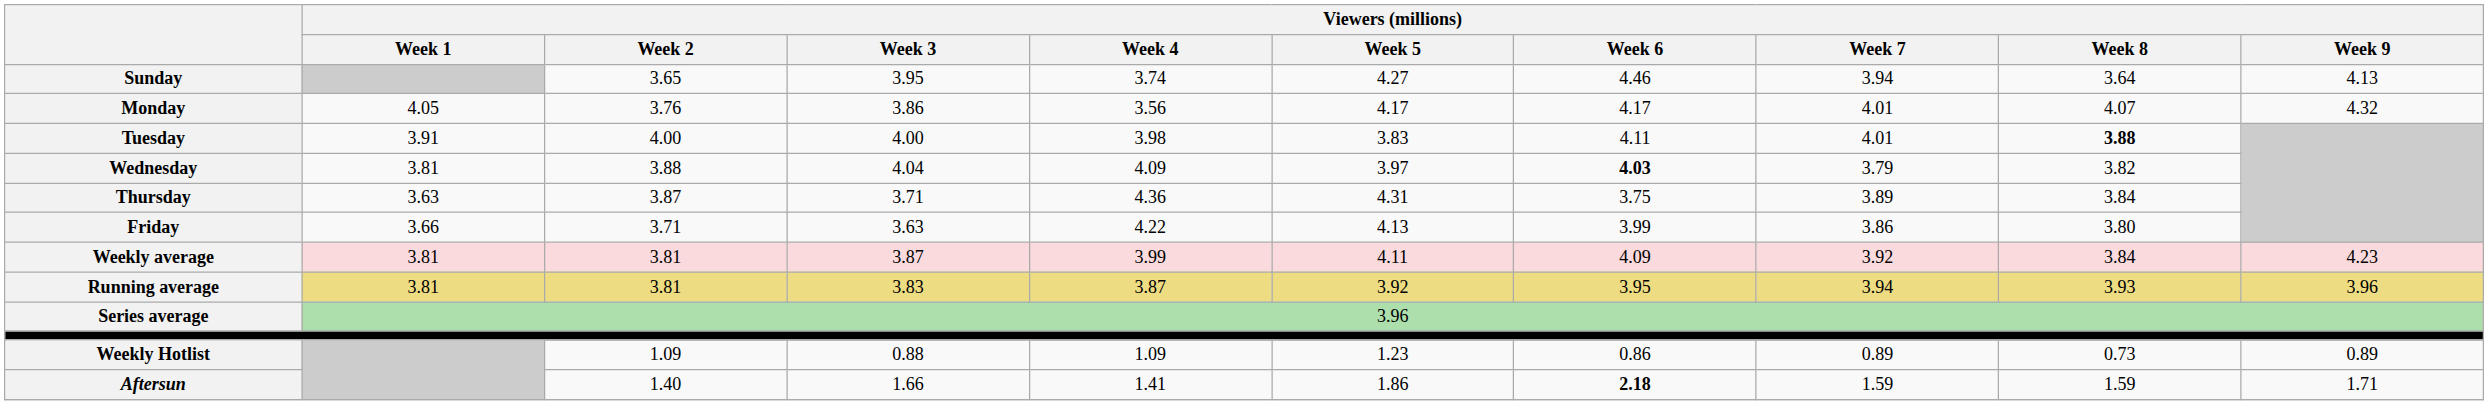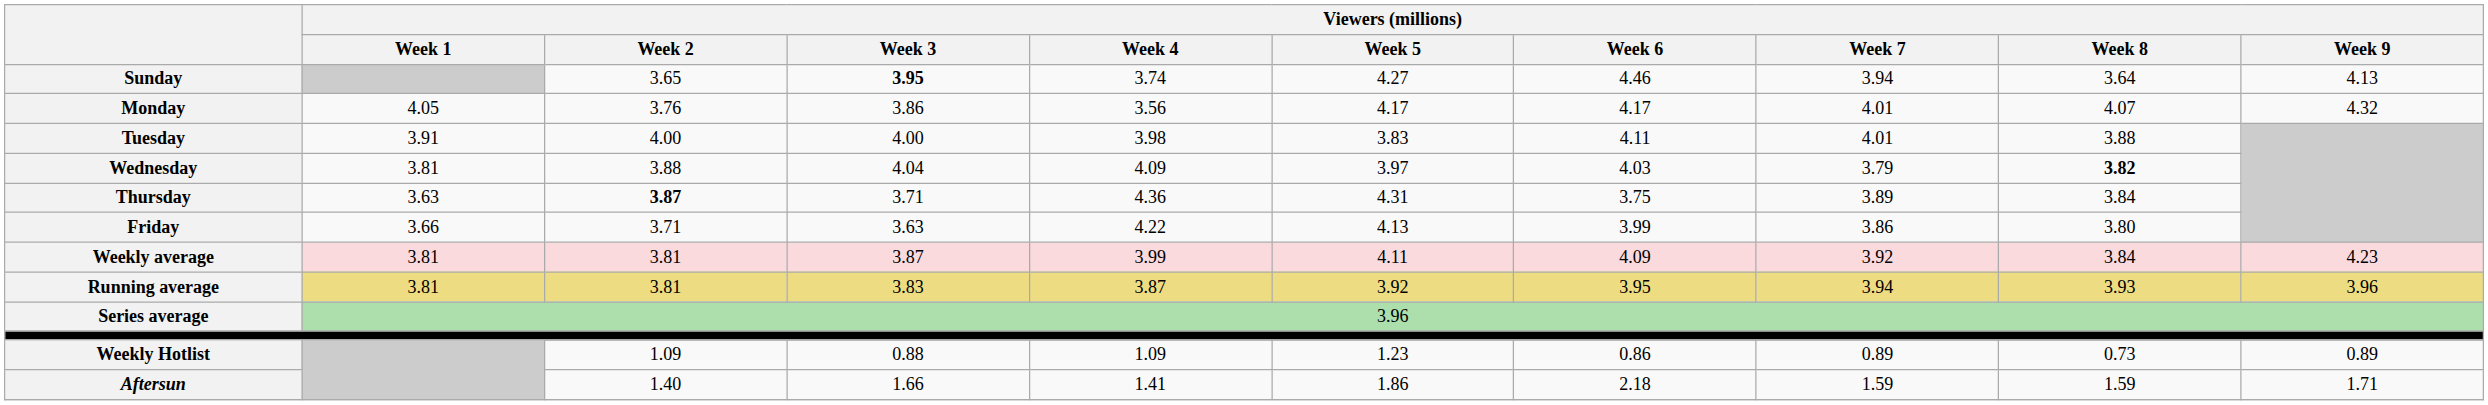 <table class="wikitable" style="font-size:90%; text-align:center; width: 100%; margin-left: auto; margin-right: auto;">
 <tr>
 <th scope="col" rowspan="2" style="width:12%;"></th>
 <th scope=col colspan=13>Viewers (millions)</th>
 </tr>
 <tr>
 <th>Week 1</th>
 <th>Week 2</th>
 <th>Week 3</th>
 <th>Week 4</th>
 <th>Week 5</th>
 <th>Week 6</th>
 <th>Week 7</th>
 <th>Week 8</th>
 <th>Week 9</th>
 </tr>
 <tr>
 <th>Sunday</th>
 <td bgcolor="#cccccc"></td>
 <td>3.65</td>
-<td>3.95</td>
+<td><strong>3.95</strong></td>
 <td>3.74</td>
 <td>4.27</td>
 <td>4.46</td>
 <td>3.94</td>
 <td>3.64</td>
 <td>4.13</td>
 </tr>
 <tr>
 <th>Monday</th>
 <td>4.05</td>
 <td>3.76</td>
 <td>3.86</td>
 <td>3.56</td>
 <td>4.17</td>
 <td>4.17</td>
 <td>4.01</td>
 <td>4.07</td>
 <td>4.32</td>
 </tr>
 <tr>
 <th>Tuesday</th>
 <td>3.91</td>
 <td>4.00</td>
 <td>4.00</td>
 <td>3.98</td>
 <td>3.83</td>
 <td>4.11</td>
 <td>4.01</td>
-<td><strong>3.88</strong></td>
+<td>3.88</td>
 <td bgcolor="#cccccc" rowspan="4"></td>
 </tr>
 <tr>
 <th>Wednesday</th>
 <td>3.81</td>
 <td>3.88</td>
 <td>4.04</td>
 <td>4.09</td>
 <td>3.97</td>
-<td><strong>4.03</strong></td>
+<td>4.03</td>
 <td>3.79</td>
-<td>3.82</td>
+<td><strong>3.82</strong></td>
 </tr>
 <tr>
 <th>Thursday</th>
 <td>3.63</td>
-<td>3.87</td>
+<td><strong>3.87</strong></td>
 <td>3.71</td>
 <td>4.36</td>
 <td>4.31</td>
 <td>3.75</td>
 <td>3.89</td>
 <td>3.84</td>
 </tr>
 <tr>
 <th>Friday</th>
 <td>3.66</td>
 <td>3.71</td>
 <td>3.63</td>
 <td>4.22</td>
 <td>4.13</td>
 <td>3.99</td>
 <td>3.86</td>
 <td>3.80</td>
 </tr>
 <tr>
 <th>Weekly average</th>
 <td style="background:#FADADD;">3.81</td>
 <td style="background:#FADADD;">3.81</td>
 <td style="background:#FADADD;">3.87</td>
 <td style="background:#FADADD;">3.99</td>
 <td style="background:#FADADD;">4.11</td>
 <td style="background:#FADADD;">4.09</td>
 <td style="background:#FADADD;">3.92</td>
 <td style="background:#FADADD;">3.84</td>
 <td style="background:#FADADD;">4.23</td>
 </tr>
 <tr>
 <th>Running average</th>
 <td style="background:#EEDC82;">3.81</td>
 <td style="background:#EEDC82;">3.81</td>
 <td style="background:#EEDC82;">3.83</td>
 <td style="background:#EEDC82;">3.87</td>
 <td style="background:#EEDC82;">3.92</td>
 <td style="background:#EEDC82;">3.95</td>
 <td style="background:#EEDC82;">3.94</td>
 <td style="background:#EEDC82;">3.93</td>
 <td style="background:#EEDC82;">3.96</td>
 </tr>
 <tr>
 <th>Series average</th>
 <td colspan="9" style="background:#ADDFAD;">3.96</td>
 </tr>
 <tr>
 <th style="background:#000" colspan="10"></th>
 </tr>
 <tr>
 <th>Weekly Hotlist</th>
 <td bgcolor="#cccccc" rowspan="2"></td>
 <td>1.09</td>
 <td>0.88</td>
 <td>1.09</td>
 <td>1.23</td>
 <td>0.86</td>
 <td>0.89</td>
 <td>0.73</td>
 <td>0.89</td>
 </tr>
 <tr>
 <th><em>Aftersun</em></th>
 <td>1.40</td>
 <td>1.66</td>
 <td>1.41</td>
 <td>1.86</td>
-<td><strong>2.18</strong></td>
+<td>2.18</td>
 <td>1.59</td>
 <td>1.59</td>
 <td>1.71</td>
 </tr>
 <tr>
 </tr>
 </table>
